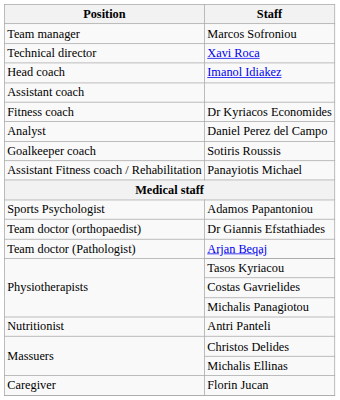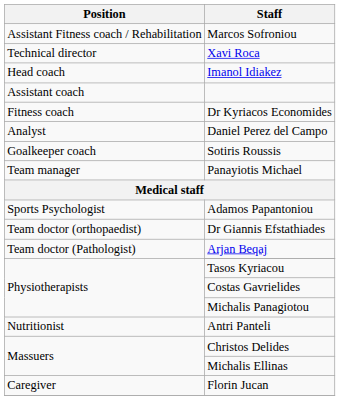 <table class="wikitable" style="text-align: center">
 <tr>
 <th align=left>Position</th>
 <th align=left>Staff</th>
 </tr>
 <tr>
-<td align=left>Team manager</td>
+<td align=left>Assistant Fitness coach / Rehabilitation</td>
 <td align=left> Marcos Sofroniou</td>
 </tr>
 <tr>
 <td align=left>Technical director</td>
 <td align=left> <a href='#'>Xavi Roca</a></td>
 </tr>
 <tr>
 <td align=left>Head coach</td>
 <td align=left> <a href='#'>Imanol Idiakez</a></td>
 </tr>
 <tr>
 <td align=left>Assistant coach</td>
 <td align=left></td>
 </tr>
 <tr>
 <td align=left>Fitness coach</td>
 <td align=left> Dr Kyriacos Economides</td>
 </tr>
 <tr>
 <td align=left>Analyst</td>
 <td align=left> Daniel Perez del Campo</td>
 </tr>
 <tr>
 <td align=left>Goalkeeper coach</td>
 <td align=left> Sotiris Roussis</td>
 </tr>
 <tr>
-<td align=left>Assistant Fitness coach / Rehabilitation</td>
+<td align=left>Team manager</td>
 <td align=left> Panayiotis Michael</td>
 </tr>
 <tr>
 <th colspan="2">Medical staff</th>
 </tr>
 <tr>
 <td align=left>Sports Psychologist</td>
 <td align=left> Adamos Papantoniou</td>
 </tr>
 <tr>
 <td align=left>Team doctor (orthopaedist)</td>
 <td align=left> Dr Giannis Efstathiades</td>
 </tr>
 <tr>
 <td align=left>Team doctor (Pathologist)</td>
 <td align=left> <a href='#'>Arjan Beqaj</a></td>
 </tr>
 <tr>
 <td rowspan="4" align=left>Physiotherapists</td>
 </tr>
 <tr>
 <td align=left> Tasos Kyriacou</td>
 </tr>
 <tr>
 <td align=left> Costas Gavrielides</td>
 </tr>
 <tr>
 <td align=left> Michalis Panagiotou</td>
 </tr>
 <tr>
 <td align=left>Nutritionist</td>
 <td align=left> Antri Panteli</td>
 </tr>
 <tr>
 <td rowspan="2" align=left>Massuers</td>
 <td align=left> Christos Delides</td>
 </tr>
 <tr>
 <td align=left> Michalis Ellinas</td>
 </tr>
 <tr>
 <td align=left>Caregiver</td>
 <td align=left> Florin Jucan</td>
 </tr>
 <tr>
 </tr>
 </table>
